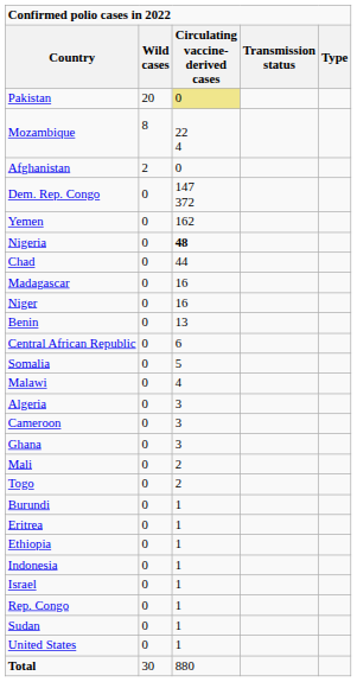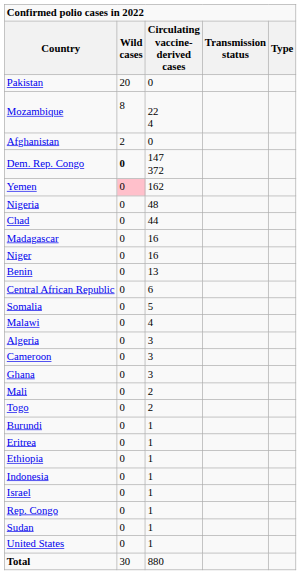 <table class="wikitable sortable mw-collapsible mw-collapsed" font-size:85%; margin-left:15px">
 <tr>
 <td colspan="5"><div><strong>Confirmed polio cases in 2022</strong><br> </div></td>
 </tr>
 <tr>
 <th>Country</th>
 <th>Wild<br>cases</th>
 <th>Circulating<br>vaccine-<br>derived<br>cases</th>
 <th>Transmission<br>status</th>
 <th>Type</th>
 </tr>
 <tr>
 <td><a href='#'>Pakistan</a></td>
 <td>20</td>
-<td style="background: khaki;">0</td>
+<td>0</td>
 <td></td>
 <td></td>
 </tr>
 <tr>
 <td><a href='#'>Mozambique</a></td>
 <td>8<br><br></td>
 <td><br>22<br>4</td>
 <td></td>
 <td><br><br></td>
 </tr>
 <tr>
 <td><a href='#'>Afghanistan</a></td>
 <td>2</td>
 <td>0</td>
 <td></td>
 <td></td>
 </tr>
 <tr>
 <td><a href='#'>Dem. Rep. Congo</a></td>
-<td>0</td>
+<td><strong>0</strong></td>
 <td>147<br>372</td>
 <td></td>
 <td><br></td>
 </tr>
 <tr>
 <td><a href='#'>Yemen</a></td>
-<td>0</td>
+<td style="background: pink;">0</td>
 <td>162</td>
 <td></td>
 <td></td>
 </tr>
 <tr>
 <td><a href='#'>Nigeria</a></td>
 <td>0</td>
-<td><strong>48</strong></td>
+<td>48</td>
 <td></td>
 <td></td>
 </tr>
 <tr>
 <td><a href='#'>Chad</a></td>
 <td>0</td>
 <td>44</td>
 <td></td>
 <td></td>
 </tr>
 <tr>
 <td><a href='#'>Madagascar</a></td>
 <td>0</td>
 <td>16</td>
 <td></td>
 <td></td>
 </tr>
 <tr>
 <td><a href='#'>Niger</a></td>
 <td>0</td>
 <td>16</td>
 <td></td>
 <td></td>
 </tr>
 <tr>
 <td><a href='#'>Benin</a></td>
 <td>0</td>
 <td>13</td>
 <td></td>
 <td></td>
 </tr>
 <tr>
 <td><a href='#'>Central African Republic</a></td>
 <td>0</td>
 <td>6</td>
 <td></td>
 <td></td>
 </tr>
 <tr>
 <td><a href='#'>Somalia</a></td>
 <td>0</td>
 <td>5</td>
 <td></td>
 <td></td>
 </tr>
 <tr>
 <td><a href='#'>Malawi</a></td>
 <td>0</td>
 <td>4</td>
 <td></td>
 <td></td>
 </tr>
 <tr>
 <td><a href='#'>Algeria</a></td>
 <td>0</td>
 <td>3</td>
 <td></td>
 <td></td>
 </tr>
 <tr>
 <td><a href='#'>Cameroon</a></td>
 <td>0</td>
 <td>3</td>
 <td></td>
 <td></td>
 </tr>
 <tr>
 <td><a href='#'>Ghana</a></td>
 <td>0</td>
 <td>3</td>
 <td></td>
 <td></td>
 </tr>
 <tr>
 <td><a href='#'>Mali</a></td>
 <td>0</td>
 <td>2</td>
 <td></td>
 <td></td>
 </tr>
 <tr>
 <td><a href='#'>Togo</a></td>
 <td>0</td>
 <td>2</td>
 <td></td>
 <td></td>
 </tr>
 <tr>
 <td><a href='#'>Burundi</a></td>
 <td>0</td>
 <td>1</td>
 <td></td>
 <td></td>
 </tr>
 <tr>
 <td><a href='#'>Eritrea</a></td>
 <td>0</td>
 <td>1</td>
 <td></td>
 <td></td>
 </tr>
 <tr>
 <td><a href='#'>Ethiopia</a></td>
 <td>0</td>
 <td>1</td>
 <td></td>
 <td></td>
 </tr>
 <tr>
 <td><a href='#'>Indonesia</a></td>
 <td>0</td>
 <td>1</td>
 <td></td>
 <td></td>
 </tr>
 <tr>
 <td><a href='#'>Israel</a></td>
 <td>0</td>
 <td>1</td>
 <td></td>
 <td></td>
 </tr>
 <tr>
 <td><a href='#'>Rep. Congo</a></td>
 <td>0</td>
 <td>1</td>
 <td></td>
 <td></td>
 </tr>
 <tr>
 <td><a href='#'>Sudan</a></td>
 <td>0</td>
 <td>1</td>
 <td></td>
 <td></td>
 </tr>
 <tr>
 <td><a href='#'>United States</a></td>
 <td>0</td>
 <td>1</td>
 <td></td>
 <td></td>
 </tr>
 <tr>
 <td><strong>Total</strong></td>
 <td>30</td>
 <td>880</td>
 <td></td>
 <td></td>
 </tr>
 </table>
